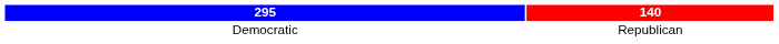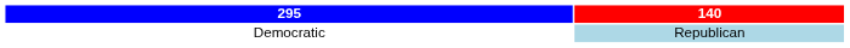 <table style="width:60%; text-align:center">
 <tr style="color:white">
 <td style="background:blue; width:67.82%"><strong>295</strong></td>
 <td style="background:red; width:32.18%"><strong>140</strong></td>
 </tr>
 <tr>
 <td>Democratic</td>
-<td>Republican</td>
+<td style="background: lightblue;">Republican</td>
 </tr>
 </table>
